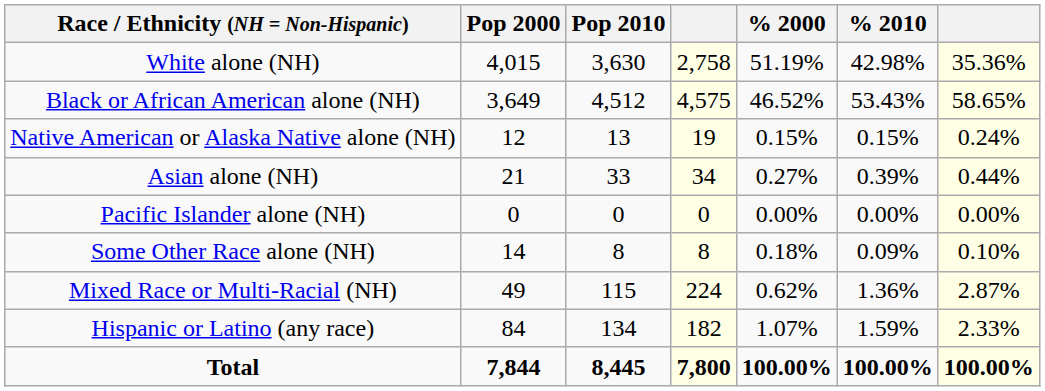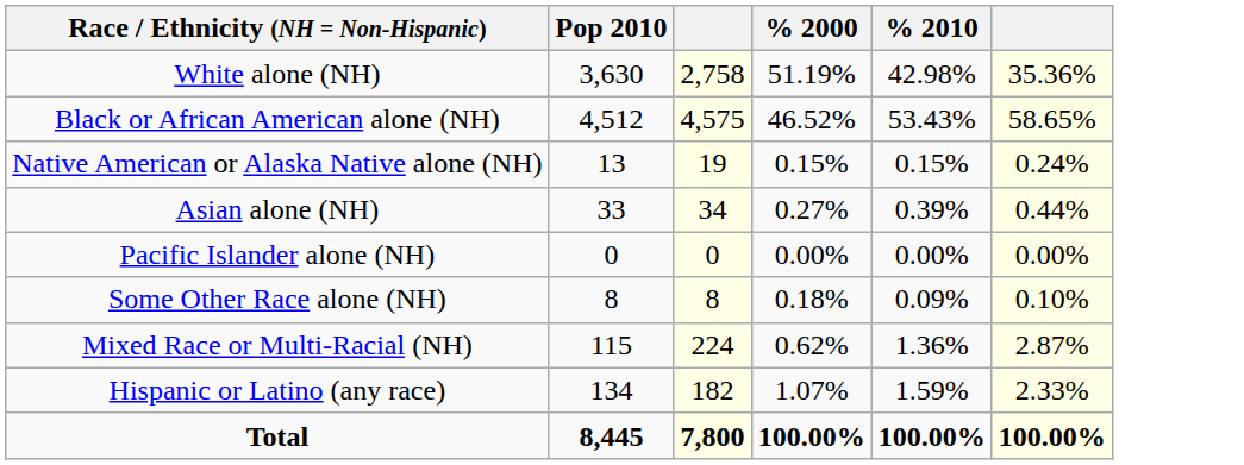 <table class="wikitable" style="text-align:center;">
 <tr>
 <th>Race / Ethnicity <small>(<em>NH = Non-Hispanic</em>)</small></th>
-<th>Pop 2000</th>
 <th>Pop 2010</th>
 <th></th>
 <th>% 2000</th>
 <th>% 2010</th>
 <th></th>
 </tr>
 <tr>
 <td><a href='#'>White</a> alone (NH)</td>
-<td>4,015</td>
 <td>3,630</td>
 <td style='background: #ffffe6;'>2,758</td>
 <td>51.19%</td>
 <td>42.98%</td>
 <td style='background: #ffffe6;'>35.36%</td>
 </tr>
 <tr>
 <td><a href='#'>Black or African American</a> alone (NH)</td>
-<td>3,649</td>
 <td>4,512</td>
 <td style='background: #ffffe6;'>4,575</td>
 <td>46.52%</td>
 <td>53.43%</td>
 <td style='background: #ffffe6;'>58.65%</td>
 </tr>
 <tr>
 <td><a href='#'>Native American</a> or <a href='#'>Alaska Native</a> alone (NH)</td>
-<td>12</td>
 <td>13</td>
 <td style='background: #ffffe6;'>19</td>
 <td>0.15%</td>
 <td>0.15%</td>
 <td style='background: #ffffe6;'>0.24%</td>
 </tr>
 <tr>
 <td><a href='#'>Asian</a> alone (NH)</td>
-<td>21</td>
 <td>33</td>
 <td style='background: #ffffe6;'>34</td>
 <td>0.27%</td>
 <td>0.39%</td>
 <td style='background: #ffffe6;'>0.44%</td>
 </tr>
 <tr>
 <td><a href='#'>Pacific Islander</a> alone (NH)</td>
 <td>0</td>
-<td>0</td>
 <td style='background: #ffffe6;'>0</td>
 <td>0.00%</td>
 <td>0.00%</td>
 <td style='background: #ffffe6;'>0.00%</td>
 </tr>
 <tr>
 <td><a href='#'>Some Other Race</a> alone (NH)</td>
-<td>14</td>
 <td>8</td>
 <td style='background: #ffffe6;'>8</td>
 <td>0.18%</td>
 <td>0.09%</td>
 <td style='background: #ffffe6;'>0.10%</td>
 </tr>
 <tr>
 <td><a href='#'>Mixed Race or Multi-Racial</a> (NH)</td>
-<td>49</td>
 <td>115</td>
 <td style='background: #ffffe6;'>224</td>
 <td>0.62%</td>
 <td>1.36%</td>
 <td style='background: #ffffe6;'>2.87%</td>
 </tr>
 <tr>
 <td><a href='#'>Hispanic or Latino</a> (any race)</td>
-<td>84</td>
 <td>134</td>
 <td style='background: #ffffe6;'>182</td>
 <td>1.07%</td>
 <td>1.59%</td>
 <td style='background: #ffffe6;'>2.33%</td>
 </tr>
 <tr>
 <td><strong>Total</strong></td>
-<td><strong>7,844</strong></td>
 <td><strong>8,445</strong></td>
 <td style='background: #ffffe6;'><strong>7,800</strong></td>
 <td><strong>100.00%</strong></td>
 <td><strong>100.00%</strong></td>
 <td style='background: #ffffe6;'><strong>100.00%</strong></td>
 </tr>
 </table>
